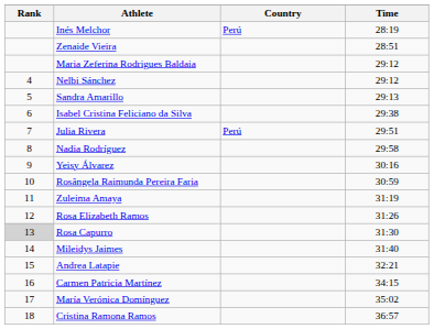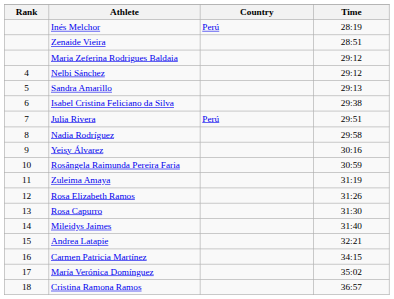 <table class="wikitable sortable" style=" text-align:center; font-size:95%;" width="50%">
 <tr>
 </tr>
 <tr>
 <th width=5%>Rank</th>
 <th width=20%>Athlete</th>
 <th width=15%>Country</th>
 <th width=10%>Time</th>
 </tr>
 <tr>
 <td align=center></td>
 <td align=left><a href='#'>Inés Melchor</a></td>
 <td align=left> <a href='#'>Perú</a></td>
 <td>28:19</td>
 </tr>
 <tr>
 <td align=center></td>
 <td align=left><a href='#'>Zenaide Vieira</a></td>
 <td align=left></td>
 <td>28:51</td>
 </tr>
 <tr>
 <td align=center></td>
 <td align=left><a href='#'>Maria Zeferina Rodrigues Baldaia</a></td>
 <td align=left></td>
 <td>29:12</td>
 </tr>
 <tr>
 <td align=center>4</td>
 <td align=left><a href='#'>Nelbi Sánchez</a></td>
 <td align=left></td>
 <td>29:12</td>
 </tr>
 <tr>
 <td align=center>5</td>
 <td align=left><a href='#'>Sandra Amarillo</a></td>
 <td align=left></td>
 <td>29:13</td>
 </tr>
 <tr>
 <td align=center>6</td>
 <td align=left><a href='#'>Isabel Cristina Feliciano da Silva</a></td>
 <td align=left></td>
 <td>29:38</td>
 </tr>
 <tr>
 <td align=center>7</td>
 <td align=left><a href='#'>Julia Rivera</a></td>
 <td align=left> <a href='#'>Perú</a></td>
 <td>29:51</td>
 </tr>
 <tr>
 <td align=center>8</td>
 <td align=left><a href='#'>Nadia Rodríguez</a></td>
 <td align=left></td>
 <td>29:58</td>
 </tr>
 <tr>
 <td align=center>9</td>
 <td align=left><a href='#'>Yeisy Álvarez</a></td>
 <td align=left></td>
 <td>30:16</td>
 </tr>
 <tr>
 <td align=center>10</td>
 <td align=left><a href='#'>Rosângela Raimunda Pereira Faria</a></td>
 <td align=left></td>
 <td>30:59</td>
 </tr>
 <tr>
 <td align=center>11</td>
 <td align=left><a href='#'>Zuleima Amaya</a></td>
 <td align=left></td>
 <td>31:19</td>
 </tr>
 <tr>
 <td align=center>12</td>
 <td align=left><a href='#'>Rosa Elizabeth Ramos</a></td>
 <td align=left></td>
 <td>31:26</td>
 </tr>
 <tr>
-<td align=center style="background: lightgrey;">13</td>
+<td align=center>13</td>
 <td align=left><a href='#'>Rosa Capurro</a></td>
 <td align=left></td>
 <td>31:30</td>
 </tr>
 <tr>
 <td align=center>14</td>
 <td align=left><a href='#'>Mileidys Jaimes</a></td>
 <td align=left></td>
 <td>31:40</td>
 </tr>
 <tr>
 <td align=center>15</td>
 <td align=left><a href='#'>Andrea Latapie</a></td>
 <td align=left></td>
 <td>32:21</td>
 </tr>
 <tr>
 <td align=center>16</td>
 <td align=left><a href='#'>Carmen Patricia Martínez</a></td>
 <td align=left></td>
 <td>34:15</td>
 </tr>
 <tr>
 <td align=center>17</td>
 <td align=left><a href='#'>María Verónica Domínguez</a></td>
 <td align=left></td>
 <td>35:02</td>
 </tr>
 <tr>
 <td align=center>18</td>
 <td align=left><a href='#'>Cristina Ramona Ramos</a></td>
 <td align=left></td>
 <td>36:57</td>
 </tr>
 </table>
